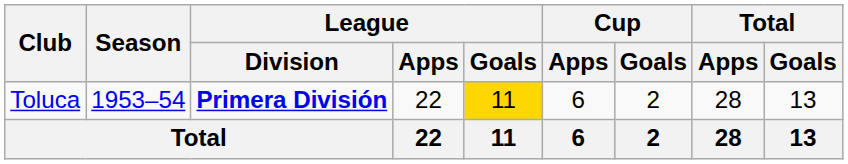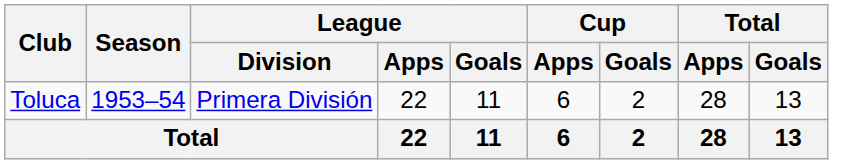 <table class="wikitable" style="text-align: center;">
 <tr>
 <th rowspan=2>Club</th>
 <th rowspan=2>Season</th>
 <th colspan=3>League</th>
 <th colspan=2>Cup</th>
 <th colspan=2>Total</th>
 </tr>
 <tr>
 <th>Division</th>
 <th>Apps</th>
 <th>Goals</th>
 <th>Apps</th>
 <th>Goals</th>
 <th>Apps</th>
 <th>Goals</th>
 </tr>
 <tr>
 <td valign="center"><a href='#'>Toluca</a></td>
 <td><a href='#'>1953–54</a></td>
-<td><strong><a href='#'>Primera División</a></strong></td>
+<td><a href='#'>Primera División</a></td>
 <td>22</td>
-<td style="background: gold;">11</td>
+<td>11</td>
 <td>6</td>
 <td>2</td>
 <td>28</td>
 <td>13</td>
 </tr>
 <tr>
 <th colspan=3>Total</th>
 <th>22</th>
 <th>11</th>
 <th>6</th>
 <th>2</th>
 <th>28</th>
 <th>13</th>
 </tr>
 </table>
